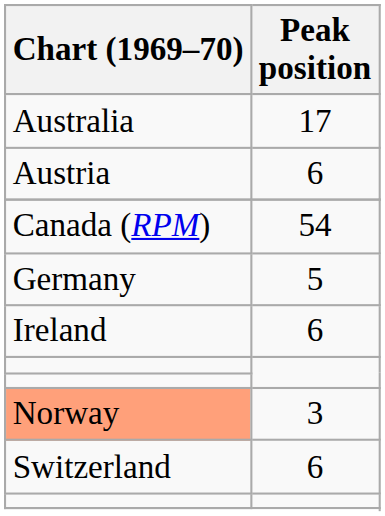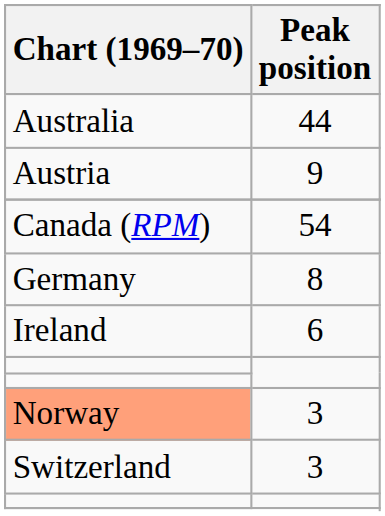 <table class="wikitable sortable">
 <tr>
 <th>Chart (1969–70)</th>
 <th>Peak<br>position</th>
 </tr>
 <tr>
 <td>Australia</td>
-<td align="center">17</td>
+<td align="center">44</td>
 </tr>
 <tr>
 <td>Austria</td>
-<td align="center">6</td>
+<td align="center">9</td>
 </tr>
 <tr>
 </tr>
 <tr>
 </tr>
 <tr>
 <td>Canada (<em><a href='#'>RPM</a></em>)</td>
 <td align="center">54</td>
 </tr>
 <tr>
 <td>Germany</td>
-<td align="center">5</td>
+<td align="center">8</td>
 </tr>
 <tr>
 <td>Ireland</td>
 <td align="center">6</td>
 </tr>
 <tr>
 <td></td>
 </tr>
 <tr>
 <td></td>
 </tr>
 <tr>
 <td style="background: lightsalmon;">Norway</td>
 <td align="center">3</td>
 </tr>
 <tr>
 <td>Switzerland</td>
-<td align="center">6</td>
+<td align="center">3</td>
 </tr>
 <tr>
 <td></td>
 </tr>
 <tr>
 </tr>
 </table>
